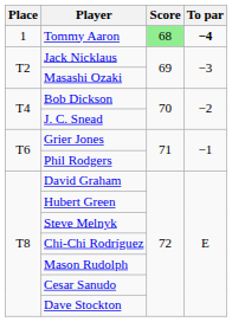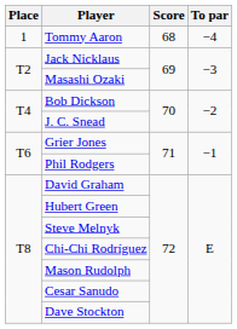 <table class="wikitable">
 <tr>
 <th>Place</th>
 <th>Player</th>
 <th>Score</th>
 <th>To par</th>
 </tr>
 <tr>
 <td align="center">1</td>
 <td> <a href='#'>Tommy Aaron</a></td>
-<td align="center" style="background: lightgreen;">68</td>
-<td align="center"><strong>−4</strong></td>
+<td align="center">68</td>
+<td align="center">−4</td>
 </tr>
 <tr>
 <td rowspan=2 align="center">T2</td>
 <td> <a href='#'>Jack Nicklaus</a></td>
 <td rowspan=2 align="center">69</td>
 <td rowspan=2 align="center">−3</td>
 </tr>
 <tr>
 <td> <a href='#'>Masashi Ozaki</a></td>
 </tr>
 <tr>
 <td rowspan=2 align="center">T4</td>
 <td> <a href='#'>Bob Dickson</a></td>
 <td rowspan=2 align="center">70</td>
 <td rowspan=2 align="center">−2</td>
 </tr>
 <tr>
 <td> <a href='#'>J. C. Snead</a></td>
 </tr>
 <tr>
 <td rowspan=2 align="center">T6</td>
 <td> <a href='#'>Grier Jones</a></td>
 <td rowspan=2 align="center">71</td>
 <td rowspan=2 align="center">−1</td>
 </tr>
 <tr>
 <td> <a href='#'>Phil Rodgers</a></td>
 </tr>
 <tr>
 <td rowspan=7 align="center">T8</td>
 <td> <a href='#'>David Graham</a></td>
 <td rowspan=7 align="center">72</td>
 <td rowspan=7 align="center">E</td>
 </tr>
 <tr>
 <td> <a href='#'>Hubert Green</a></td>
 </tr>
 <tr>
 <td> <a href='#'>Steve Melnyk</a></td>
 </tr>
 <tr>
 <td> <a href='#'>Chi-Chi Rodríguez</a></td>
 </tr>
 <tr>
 <td> <a href='#'>Mason Rudolph</a></td>
 </tr>
 <tr>
 <td> <a href='#'>Cesar Sanudo</a></td>
 </tr>
 <tr>
 <td> <a href='#'>Dave Stockton</a></td>
 </tr>
 </table>
